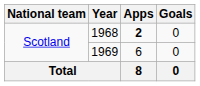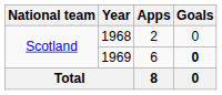 <table class="wikitable" style="text-align:center">
 <tr>
 <th>National team</th>
 <th>Year</th>
 <th>Apps</th>
 <th>Goals</th>
 </tr>
 <tr>
 <td rowspan="2"><a href='#'>Scotland</a></td>
 <td>1968</td>
-<td><strong>2</strong></td>
+<td>2</td>
 <td>0</td>
 </tr>
 <tr>
 <td>1969</td>
 <td>6</td>
-<td>0</td>
+<td><strong>0</strong></td>
 </tr>
 <tr>
 <th colspan="2">Total</th>
 <th>8</th>
 <th>0</th>
 </tr>
 </table>
